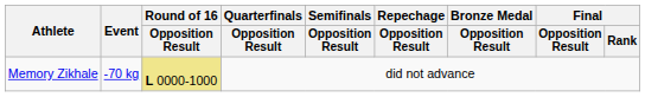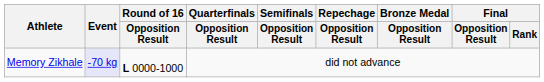 <table class="wikitable" style="font-size:90%">
 <tr>
 <th rowspan=2>Athlete</th>
 <th rowspan=2>Event</th>
 <th>Round of 16</th>
 <th>Quarterfinals</th>
 <th>Semifinals</th>
 <th>Repechage</th>
 <th>Bronze Medal</th>
 <th colspan=2>Final</th>
 </tr>
 <tr style="font-size:95%">
 <th>Opposition<br>Result</th>
 <th>Opposition<br>Result</th>
 <th>Opposition<br>Result</th>
 <th>Opposition<br>Result</th>
 <th>Opposition<br>Result</th>
 <th>Opposition<br>Result</th>
 <th>Rank</th>
 </tr>
 <tr align=center>
 <td align=left><a href='#'>Memory Zikhale</a></td>
-<td align=left><a href='#'>-70 kg</a></td>
-<td style="background: khaki;"><br><strong>L</strong> 0000-1000</td>
+<td align=left style="background: lavender;"><a href='#'>-70 kg</a></td>
+<td><br><strong>L</strong> 0000-1000</td>
 <td colspan=6>did not advance</td>
 </tr>
 </table>
